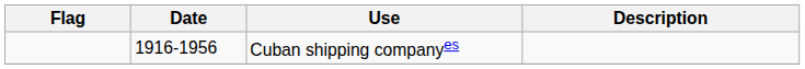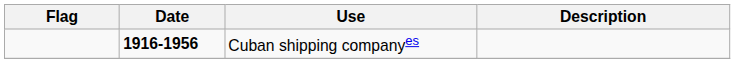 <table class="wikitable">
 <tr>
 <th style="width:110px;">Flag</th>
 <th style="width:100px;">Date</th>
 <th style="width:250px;">Use</th>
 <th style="width:250px;">Description</th>
 </tr>
 <tr>
 <td></td>
-<td>1916-1956</td>
+<td><strong>1916-1956</strong></td>
 <td>Cuban shipping company<sup><a href='#'>es</a></sup></td>
 <td></td>
 </tr>
 <tr>
 </tr>
 </table>
